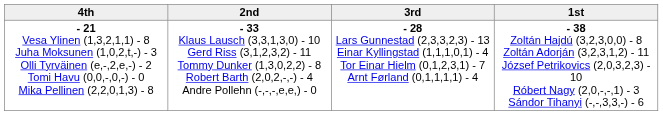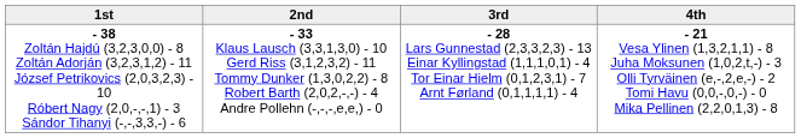 <table border="1" cellpadding="2" cellspacing="0" style="width:75%; border-collapse:collapse">
 <tr style="text-align:center; background:#efefef;">
-<th width=20%>4th</th>
+<th width=20% >1st</th>
 <th width=20% >2nd</th>
 <th width=20% >3rd</th>
-<th width=20% >1st</th>
+<th width=20%>4th</th>
 </tr>
 <tr align=center>
-<td valign=top><strong> - 21</strong><br><a href='#'>Vesa Ylinen</a> (1,3,2,1,1) - 8<br><a href='#'>Juha Moksunen</a> (1,0,2,t,-) - 3<br><a href='#'>Olli Tyrväinen</a> (e,-,2,e,-) - 2<br><a href='#'>Tomi Havu</a> (0,0,-,0,-) - 0<br><a href='#'>Mika Pellinen</a> (2,2,0,1,3) - 8</td>
+<td valign=top ><strong> - 38</strong><br><a href='#'>Zoltán Hajdú</a> (3,2,3,0,0) - 8<br><a href='#'>Zoltán Adorján</a> (3,2,3,1,2) - 11<br><a href='#'>József Petrikovics</a> (2,0,3,2,3) - 10<br><a href='#'>Róbert Nagy</a> (2,0,-,-,1) - 3<br><a href='#'>Sándor Tihanyi</a> (-,-,3,3,-) - 6</td>
 <td valign=top ><strong> - 33</strong><br><a href='#'>Klaus Lausch</a> (3,3,1,3,0) - 10<br><a href='#'>Gerd Riss</a> (3,1,2,3,2) - 11<br><a href='#'>Tommy Dunker</a> (1,3,0,2,2) - 8<br><a href='#'>Robert Barth</a> (2,0,2,-,-) - 4<br>Andre Pollehn (-,-,-,e,e,) - 0</td>
 <td valign=top ><strong> - 28</strong><br><a href='#'>Lars Gunnestad</a> (2,3,3,2,3) - 13<br><a href='#'>Einar Kyllingstad</a> (1,1,1,0,1) - 4<br><a href='#'>Tor Einar Hielm</a> (0,1,2,3,1) - 7<br><a href='#'>Arnt Førland</a> (0,1,1,1,1) - 4</td>
-<td valign=top ><strong> - 38</strong><br><a href='#'>Zoltán Hajdú</a> (3,2,3,0,0) - 8<br><a href='#'>Zoltán Adorján</a> (3,2,3,1,2) - 11<br><a href='#'>József Petrikovics</a> (2,0,3,2,3) - 10<br><a href='#'>Róbert Nagy</a> (2,0,-,-,1) - 3<br><a href='#'>Sándor Tihanyi</a> (-,-,3,3,-) - 6</td>
+<td valign=top><strong> - 21</strong><br><a href='#'>Vesa Ylinen</a> (1,3,2,1,1) - 8<br><a href='#'>Juha Moksunen</a> (1,0,2,t,-) - 3<br><a href='#'>Olli Tyrväinen</a> (e,-,2,e,-) - 2<br><a href='#'>Tomi Havu</a> (0,0,-,0,-) - 0<br><a href='#'>Mika Pellinen</a> (2,2,0,1,3) - 8</td>
 </tr>
 </table>
